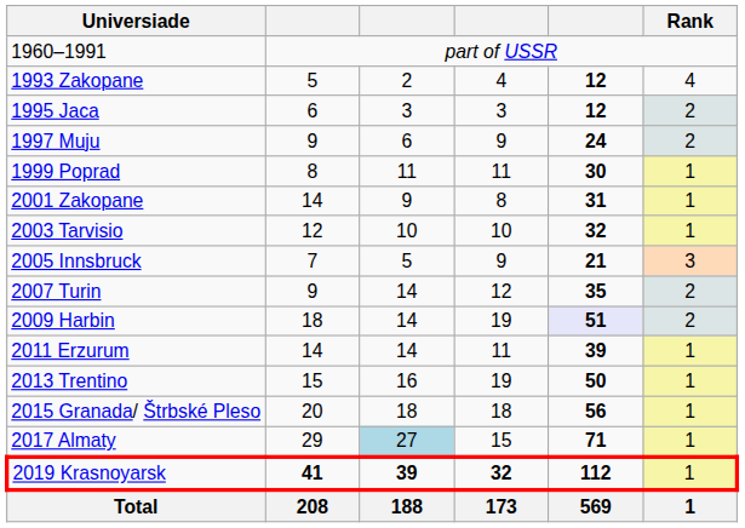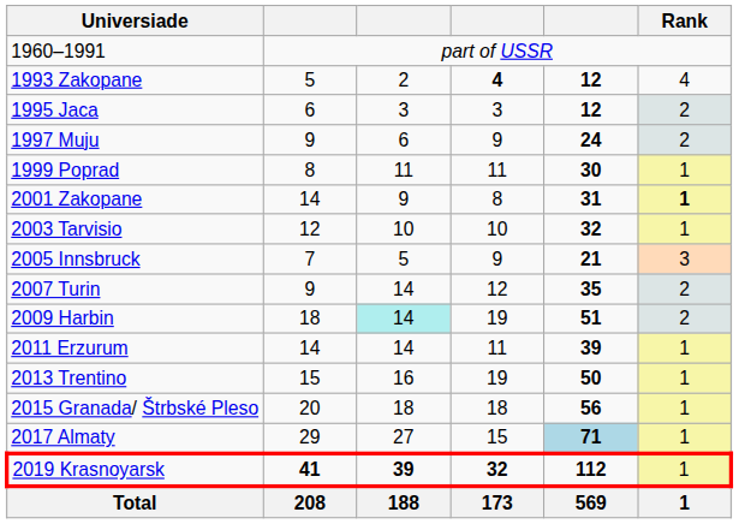 <table class="wikitable" style="text-align:center; font-size:90%;">
 <tr>
 <th>Universiade</th>
 <th style="width:4.5em; font-weight:bold;"></th>
 <th style="width:4.5em; font-weight:bold;"></th>
 <th style="width:4.5em; font-weight:bold;"></th>
 <th style="width:4.5em; font-weight:bold;"></th>
 <th style="width:4.5em; font-weight:bold;">Rank</th>
 </tr>
 <tr>
 <td align=left>1960–1991</td>
 <td colspan=5><em>part of  <a href='#'>USSR</a></em></td>
 </tr>
 <tr>
 <td align=left> <a href='#'>1993 Zakopane</a></td>
 <td>5</td>
 <td>2</td>
-<td>4</td>
+<td><strong>4</strong></td>
 <td><strong>12</strong></td>
 <td>4</td>
 </tr>
 <tr>
 <td align=left> <a href='#'>1995 Jaca</a></td>
 <td>6</td>
 <td>3</td>
 <td>3</td>
 <td><strong>12</strong></td>
 <td bgcolor=DCE5E5>2</td>
 </tr>
 <tr>
 <td align=left> <a href='#'>1997 Muju</a></td>
 <td>9</td>
 <td>6</td>
 <td>9</td>
 <td><strong>24</strong></td>
 <td bgcolor=DCE5E5>2</td>
 </tr>
 <tr>
 <td align=left> <a href='#'>1999 Poprad</a></td>
 <td>8</td>
 <td>11</td>
 <td>11</td>
 <td><strong>30</strong></td>
 <td bgcolor=F7F6A8>1</td>
 </tr>
 <tr>
 <td align=left> <a href='#'>2001 Zakopane</a></td>
 <td>14</td>
 <td>9</td>
 <td>8</td>
 <td><strong>31</strong></td>
-<td bgcolor=F7F6A8>1</td>
+<td bgcolor=F7F6A8><strong>1</strong></td>
 </tr>
 <tr>
 <td align=left> <a href='#'>2003 Tarvisio</a></td>
 <td>12</td>
 <td>10</td>
 <td>10</td>
 <td><strong>32</strong></td>
 <td bgcolor=F7F6A8>1</td>
 </tr>
 <tr>
 <td align=left> <a href='#'>2005 Innsbruck</a></td>
 <td>7</td>
 <td>5</td>
 <td>9</td>
 <td><strong>21</strong></td>
 <td bgcolor=ffdab9>3</td>
 </tr>
 <tr>
 <td align=left> <a href='#'>2007 Turin</a></td>
 <td>9</td>
 <td>14</td>
 <td>12</td>
 <td><strong>35</strong></td>
 <td bgcolor=DCE5E5>2</td>
 </tr>
 <tr>
 <td align=left> <a href='#'>2009 Harbin</a></td>
 <td>18</td>
-<td>14</td>
+<td style="background: paleturquoise;">14</td>
 <td>19</td>
-<td style="background: lavender;"><strong>51</strong></td>
+<td><strong>51</strong></td>
 <td bgcolor=DCE5E5>2</td>
 </tr>
 <tr>
 <td align=left> <a href='#'>2011 Erzurum</a></td>
 <td>14</td>
 <td>14</td>
 <td>11</td>
 <td><strong>39</strong></td>
 <td bgcolor=F7F6A8>1</td>
 </tr>
 <tr>
 <td align=left> <a href='#'>2013 Trentino</a></td>
 <td>15</td>
 <td>16</td>
 <td>19</td>
 <td><strong>50</strong></td>
 <td bgcolor=F7F6A8>1</td>
 </tr>
 <tr>
 <td align=left> <a href='#'>2015 Granada</a>/ <a href='#'>Štrbské Pleso</a></td>
 <td>20</td>
 <td>18</td>
 <td>18</td>
 <td><strong>56</strong></td>
 <td bgcolor=F7F6A8>1</td>
 </tr>
 <tr>
 <td align=left> <a href='#'>2017 Almaty</a></td>
 <td>29</td>
-<td style="background: lightblue;">27</td>
+<td>27</td>
 <td>15</td>
-<td><strong>71</strong></td>
+<td style="background: lightblue;"><strong>71</strong></td>
 <td bgcolor=F7F6A8>1</td>
 </tr>
 <tr style="border: 3px solid red">
 <td align=left> <a href='#'>2019 Krasnoyarsk</a></td>
 <td><strong>41</strong></td>
 <td><strong>39</strong></td>
 <td><strong>32</strong></td>
 <td><strong>112</strong></td>
 <td bgcolor=F7F6A8>1</td>
 </tr>
 <tr>
 <th>Total</th>
 <th>208</th>
 <th>188</th>
 <th>173</th>
 <th>569</th>
 <th>1</th>
 </tr>
 </table>
